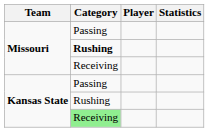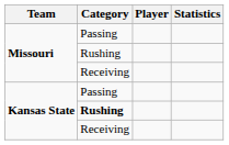 <table class="wikitable" style="float: right;">
 <tr>
 <th>Team</th>
 <th>Category</th>
 <th>Player</th>
 <th>Statistics</th>
 </tr>
 <tr>
 <td rowspan=3><strong>Missouri</strong></td>
 <td>Passing</td>
 <td></td>
 <td></td>
 </tr>
 <tr>
-<td><strong>Rushing</strong></td>
+<td>Rushing</td>
 <td></td>
 <td></td>
 </tr>
 <tr>
 <td>Receiving</td>
 <td></td>
 <td></td>
 </tr>
 <tr>
 <td rowspan=3><strong>Kansas State</strong></td>
 <td>Passing</td>
 <td></td>
 <td></td>
 </tr>
 <tr>
-<td>Rushing</td>
+<td><strong>Rushing</strong></td>
 <td></td>
 <td></td>
 </tr>
 <tr>
-<td style="background: lightgreen;">Receiving</td>
+<td>Receiving</td>
 <td></td>
 <td></td>
 </tr>
 </table>
